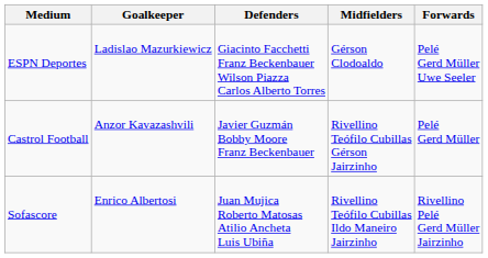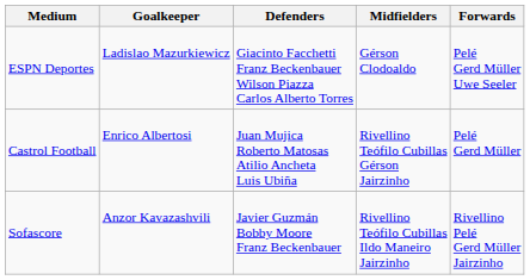 <table class="wikitable">
 <tr>
 <th>Medium</th>
 <th>Goalkeeper</th>
 <th>Defenders</th>
 <th>Midfielders</th>
 <th>Forwards</th>
 </tr>
 <tr>
 <td><a href='#'>ESPN Deportes</a></td>
 <td valign="top"><br> <a href='#'>Ladislao Mazurkiewicz</a></td>
 <td valign="top"><br> <a href='#'>Giacinto Facchetti</a><br>  <a href='#'>Franz Beckenbauer</a><br>  <a href='#'>Wilson Piazza</a><br>  <a href='#'>Carlos Alberto Torres</a></td>
 <td valign="top"><br> <a href='#'>Gérson</a><br>  <a href='#'>Clodoaldo</a></td>
 <td valign="top"><br> <a href='#'>Pelé</a><br>  <a href='#'>Gerd Müller</a><br>  <a href='#'>Uwe Seeler</a></td>
 </tr>
 <tr>
 <td><a href='#'>Castrol Football</a></td>
-<td valign="top"><br> <a href='#'>Anzor Kavazashvili</a></td>
-<td valign="top"><br> <a href='#'>Javier Guzmán</a><br>  <a href='#'>Bobby Moore</a><br>  <a href='#'>Franz Beckenbauer</a></td>
+<td valign="top"><br> <a href='#'>Enrico Albertosi</a></td>
+<td valign="top"><br> <a href='#'>Juan Mujica</a><br>  <a href='#'>Roberto Matosas</a><br>  <a href='#'>Atilio Ancheta</a><br>  <a href='#'>Luis Ubiña</a></td>
 <td valign="top"><br> <a href='#'>Rivellino</a><br>  <a href='#'>Teófilo Cubillas</a><br>  <a href='#'>Gérson</a><br>  <a href='#'>Jairzinho</a></td>
 <td valign="top"><br> <a href='#'>Pelé</a><br>  <a href='#'>Gerd Müller</a></td>
 </tr>
 <tr>
 <td><a href='#'>Sofascore</a></td>
-<td valign="top"><br> <a href='#'>Enrico Albertosi</a></td>
-<td valign="top"><br> <a href='#'>Juan Mujica</a><br>  <a href='#'>Roberto Matosas</a><br>  <a href='#'>Atilio Ancheta</a><br>  <a href='#'>Luis Ubiña</a></td>
+<td valign="top"><br> <a href='#'>Anzor Kavazashvili</a></td>
+<td valign="top"><br> <a href='#'>Javier Guzmán</a><br>  <a href='#'>Bobby Moore</a><br>  <a href='#'>Franz Beckenbauer</a></td>
 <td valign="top"><br> <a href='#'>Rivellino</a><br>  <a href='#'>Teófilo Cubillas</a><br>  <a href='#'>Ildo Maneiro</a><br>  <a href='#'>Jairzinho</a></td>
 <td valign="top"><br> <a href='#'>Rivellino</a><br>  <a href='#'>Pelé</a><br>  <a href='#'>Gerd Müller</a><br>  <a href='#'>Jairzinho</a></td>
 </tr>
 </table>
